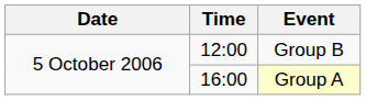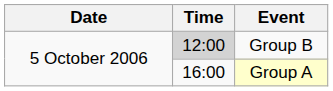 <table class = "wikitable" style="text-align:center;">
 <tr>
 <th width=150>Date</th>
 <th width=50>Time</th>
 <th width=80>Event</th>
 </tr>
 <tr>
 <td rowspan=2>5 October 2006</td>
-<td>12:00</td>
+<td style="background: lightgrey;">12:00</td>
 <td>Group B</td>
 </tr>
 <tr>
 <td>16:00</td>
 <td bgcolor=ffffcc>Group A</td>
 </tr>
 </table>
